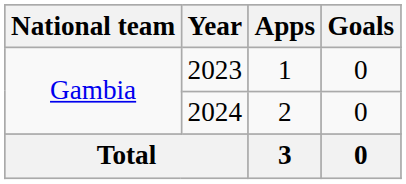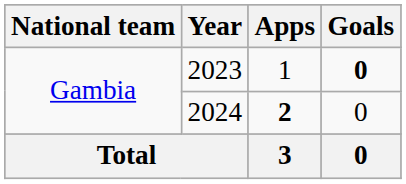 <table class="wikitable" style="text-align:center">
 <tr>
 <th>National team</th>
 <th>Year</th>
 <th>Apps</th>
 <th>Goals</th>
 </tr>
 <tr>
 <td rowspan="2"><a href='#'>Gambia</a></td>
 <td>2023</td>
 <td>1</td>
-<td>0</td>
+<td><strong>0</strong></td>
 </tr>
 <tr>
 <td>2024</td>
-<td>2</td>
+<td><strong>2</strong></td>
 <td>0</td>
 </tr>
 <tr>
 <th colspan="2">Total</th>
 <th>3</th>
 <th>0</th>
 </tr>
 </table>
